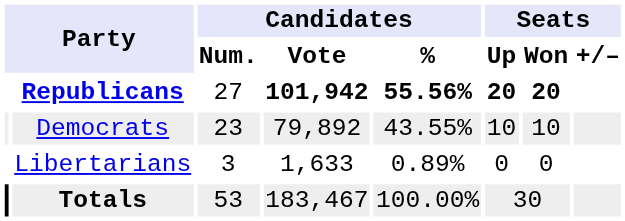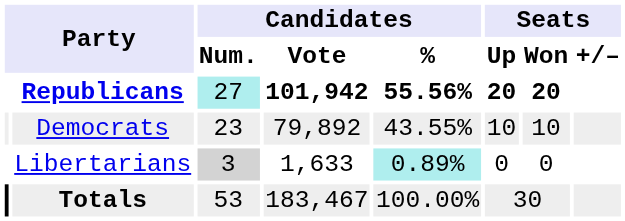 <table class="toccolours sortable" style="text-align:center;">
 <tr style="background:lavender">
 <th rowspan="2" colspan="2">Party</th>
 <th colspan=3>Candidates</th>
 <th colspan=5>Seats</th>
 </tr>
 <tr>
 <th align="center">Num.</th>
 <th align="center">Vote</th>
 <th align="center">%</th>
 <th align="center">Up</th>
 <th align="center">Won</th>
 <th>+/–</th>
 </tr>
 <tr>
 <th style="background-color:"></th>
 <td><strong><a href='#'>Republicans</a></strong></td>
-<td>27</td>
+<td style="background: paleturquoise;">27</td>
 <td><strong>101,942</strong></td>
 <td><strong>55.56%</strong></td>
 <td><strong>20</strong></td>
 <td><strong>20</strong></td>
 <td></td>
 </tr>
 <tr style="background:#EEEEEE;">
 <th style="background-color:"></th>
 <td><a href='#'>Democrats</a></td>
 <td>23</td>
 <td>79,892</td>
 <td>43.55%</td>
 <td>10</td>
 <td>10</td>
 <td></td>
 </tr>
 <tr>
 <th style="background-color:"></th>
 <td><a href='#'>Libertarians</a></td>
-<td>3</td>
+<td style="background: lightgrey;">3</td>
 <td>1,633</td>
-<td>0.89%</td>
+<td style="background: paleturquoise;">0.89%</td>
 <td>0</td>
 <td>0</td>
 <td></td>
 </tr>
 <tr style="background:#EEEEEE;">
 <th style="background-color:#000000"></th>
 <td><strong>Totals</strong></td>
 <td>53</td>
 <td>183,467</td>
 <td>100.00%</td>
 <td colspan=2>30</td>
 <td></td>
 </tr>
 </table>
